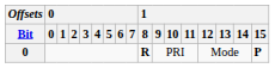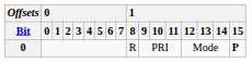 <table class="wikitable">
 <tr>
 <th><em>Offsets</em></th>
 <th style="text-align: left" colspan="8">0</th>
 <th style="text-align: left" colspan="8">1</th>
 </tr>
 <tr>
 <th><a href='#'>Bit</a></th>
 <th>0</th>
 <th>1</th>
 <th>2</th>
 <th>3</th>
 <th>4</th>
 <th>5</th>
 <th>6</th>
 <th>7</th>
 <th>8</th>
 <th>9</th>
 <th>10</th>
 <th>11</th>
 <th>12</th>
 <th>13</th>
 <th>14</th>
 <th>15</th>
 </tr>
 <tr>
 <th>0</th>
 <td align="center" colspan="8"></td>
-<td><strong>R</strong></td>
+<td>R</td>
 <td align="center" colspan="3">PRI</td>
 <td align="center" colspan="3">Mode</td>
 <td><strong>P</strong></td>
 </tr>
 </table>
